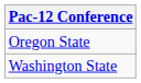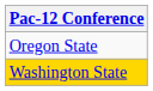 <table class="wikitable">
 <tr>
 <th><a href='#'>Pac-12 Conference</a></th>
 </tr>
 <tr>
 <td><a href='#'>Oregon State</a></td>
 </tr>
 <tr>
-<td><a href='#'>Washington State</a></td>
+<td style="background: gold;"><a href='#'>Washington State</a></td>
 </tr>
 </table>
